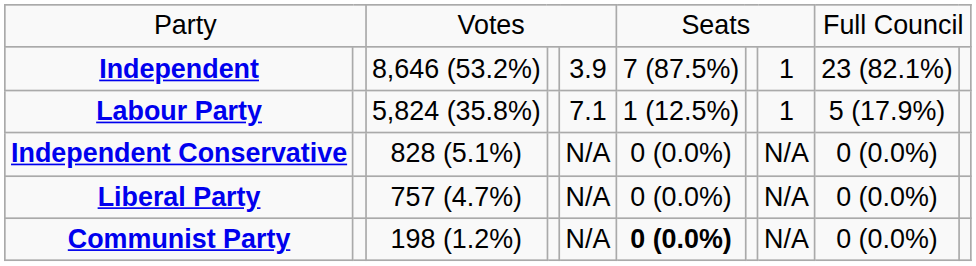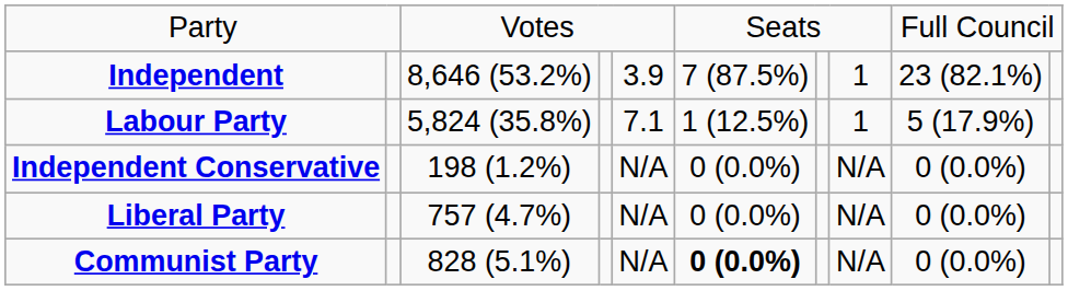 <table class=wikitable style="text-align:center;">
 <tr>
 <td colspan=2>Party</td>
 <td colspan=3>Votes</td>
 <td colspan=3>Seats</td>
 <td colspan=3>Full Council</td>
 </tr>
 <tr>
 <td><strong><a href='#'>Independent</a></strong></td>
 <td style="background:"></td>
 <td>8,646 (53.2%)</td>
 <td></td>
 <td> 3.9</td>
 <td>7 (87.5%)</td>
 <td></td>
 <td> 1</td>
 <td>23 (82.1%)</td>
 <td></td>
 </tr>
 <tr>
 <td><strong><a href='#'>Labour Party</a></strong></td>
 <td style="background:"></td>
 <td>5,824 (35.8%)</td>
 <td></td>
 <td> 7.1</td>
 <td>1 (12.5%)</td>
 <td></td>
 <td> 1</td>
 <td>5 (17.9%)</td>
 <td></td>
 </tr>
 <tr>
 <td><strong><a href='#'>Independent Conservative</a></strong></td>
 <td style="background:"></td>
-<td>828 (5.1%)</td>
+<td>198 (1.2%)</td>
 <td></td>
 <td>N/A</td>
 <td>0 (0.0%)</td>
 <td></td>
 <td>N/A</td>
 <td>0 (0.0%)</td>
 <td></td>
 </tr>
 <tr>
 <td><strong><a href='#'>Liberal Party</a></strong></td>
 <td style="background:"></td>
 <td>757 (4.7%)</td>
 <td></td>
 <td>N/A</td>
 <td>0  (0.0%)</td>
 <td></td>
 <td>N/A</td>
 <td>0 (0.0%)</td>
 <td></td>
 </tr>
 <tr>
 <td><strong><a href='#'>Communist Party</a></strong></td>
 <td style="background:"></td>
-<td>198 (1.2%)</td>
+<td>828 (5.1%)</td>
 <td></td>
 <td>N/A</td>
 <td><strong>0 (0.0%)</strong></td>
 <td></td>
 <td>N/A</td>
 <td>0 (0.0%)</td>
 <td></td>
 </tr>
 </table>
